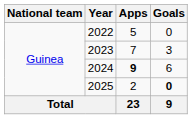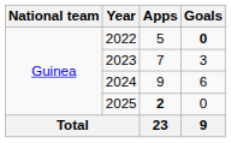 <table class="wikitable" style="text-align:center">
 <tr>
 <th>National team</th>
 <th>Year</th>
 <th>Apps</th>
 <th>Goals</th>
 </tr>
 <tr>
 <td rowspan="4"><a href='#'>Guinea</a></td>
 <td>2022</td>
 <td>5</td>
-<td>0</td>
+<td><strong>0</strong></td>
 </tr>
 <tr>
 <td>2023</td>
 <td>7</td>
 <td>3</td>
 </tr>
 <tr>
 <td>2024</td>
-<td><strong>9</strong></td>
+<td>9</td>
 <td>6</td>
 </tr>
 <tr>
 <td>2025</td>
-<td>2</td>
-<td><strong>0</strong></td>
+<td><strong>2</strong></td>
+<td>0</td>
 </tr>
 <tr>
 <th colspan="2">Total</th>
 <th>23</th>
 <th>9</th>
 </tr>
 </table>
